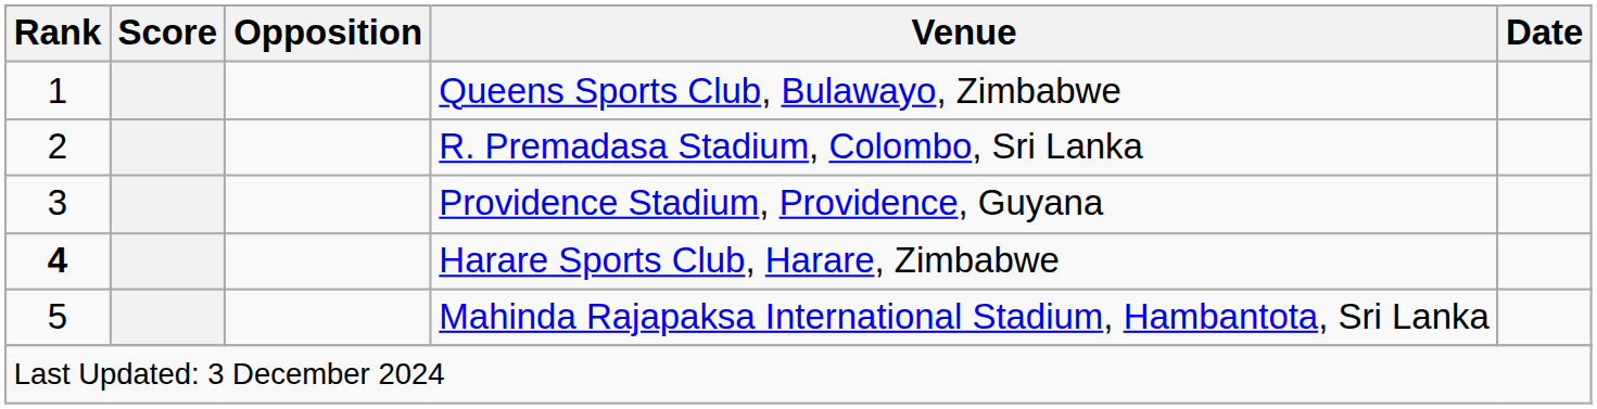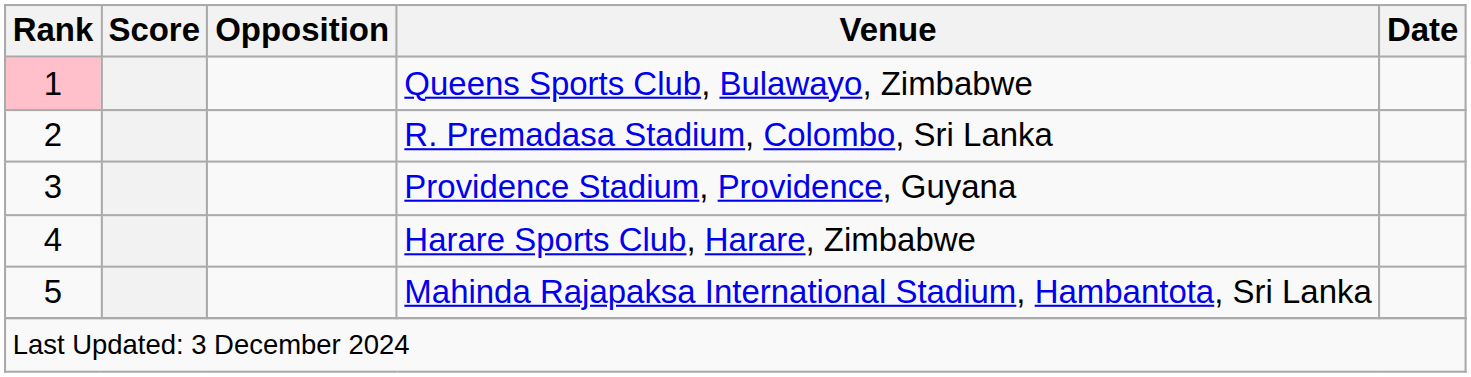 <table class="wikitable sortable">
 <tr>
 <th scope=col>Rank</th>
 <th scope=col>Score</th>
 <th scope=col>Opposition</th>
 <th scope=col>Venue</th>
 <th scope=col>Date</th>
 </tr>
 <tr>
-<td align="center">1</td>
+<td align="center" style="background: pink;">1</td>
 <th scope="row" style="text-align:center;"></th>
 <td></td>
 <td><a href='#'>Queens Sports Club</a>, <a href='#'>Bulawayo</a>, Zimbabwe</td>
 <td></td>
 </tr>
 <tr>
 <td align=center>2</td>
 <th scope=row style=text-align:center;></th>
 <td></td>
 <td><a href='#'>R. Premadasa Stadium</a>, <a href='#'>Colombo</a>, Sri Lanka</td>
 <td></td>
 </tr>
 <tr>
 <td align=center>3</td>
 <th scope=row style=text-align:center;></th>
 <td></td>
 <td><a href='#'>Providence Stadium</a>, <a href='#'>Providence</a>, Guyana</td>
 <td> </td>
 </tr>
 <tr>
-<td align="center"><strong>4</strong></td>
+<td align="center">4</td>
 <th scope="row" style="text-align:center;"></th>
 <td></td>
 <td><a href='#'>Harare Sports Club</a>, <a href='#'>Harare</a>, Zimbabwe</td>
 <td></td>
 </tr>
 <tr>
 <td align="center">5</td>
 <th scope="row" style="text-align:center;"></th>
 <td></td>
 <td><a href='#'>Mahinda Rajapaksa International Stadium</a>, <a href='#'>Hambantota</a>, Sri Lanka</td>
 <td> </td>
 </tr>
 <tr>
 </tr>
 <tr class=sortbottom>
 <td colspan=5><small>Last Updated: 3 December 2024</small></td>
 </tr>
 </table>
